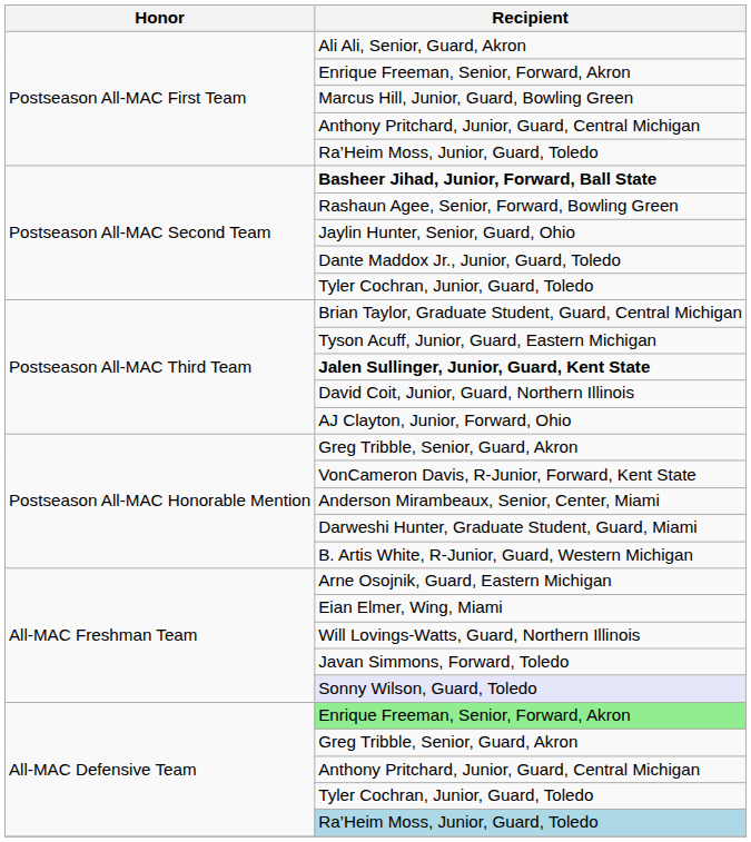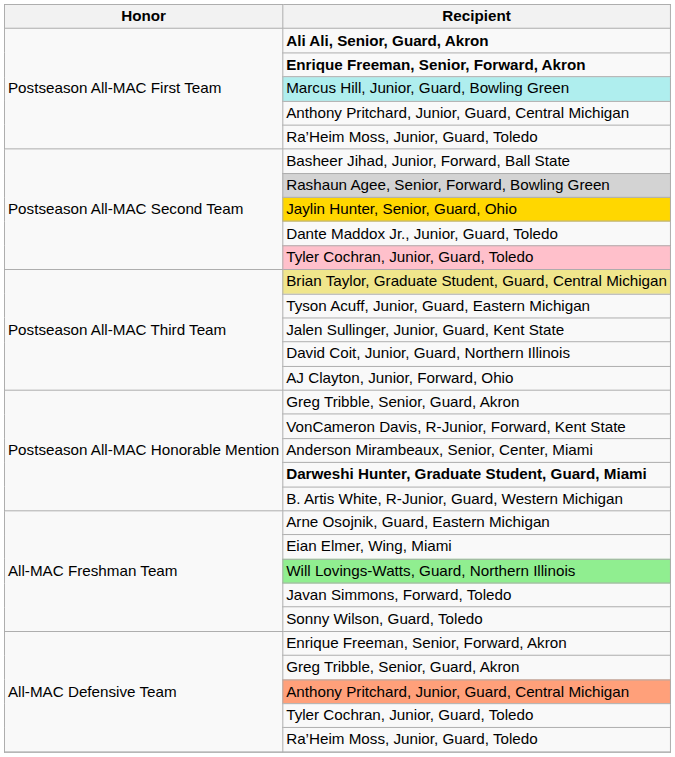 <table class="wikitable" border="1">
 <tr>
 <th>Honor</th>
 <th>Recipient</th>
 </tr>
 <tr>
 <td rowspan=5 valign=middle>Postseason All-MAC First Team</td>
-<td>Ali Ali, Senior, Guard, Akron</td>
+<td><strong>Ali Ali, Senior, Guard, Akron</strong></td>
 </tr>
 <tr>
-<td>Enrique Freeman, Senior, Forward, Akron</td>
+<td><strong>Enrique Freeman, Senior, Forward, Akron</strong></td>
 </tr>
 <tr>
-<td>Marcus Hill, Junior, Guard, Bowling Green</td>
+<td style="background: paleturquoise;">Marcus Hill, Junior, Guard, Bowling Green</td>
 </tr>
 <tr>
 <td>Anthony Pritchard, Junior, Guard, Central Michigan</td>
 </tr>
 <tr>
 <td>Ra’Heim Moss, Junior, Guard, Toledo</td>
 </tr>
 <tr>
 <td rowspan=5 valign=middle>Postseason All-MAC Second Team</td>
-<td><strong>Basheer Jihad, Junior, Forward, Ball State</strong></td>
+<td>Basheer Jihad, Junior, Forward, Ball State</td>
 </tr>
 <tr>
-<td>Rashaun Agee, Senior, Forward, Bowling Green</td>
+<td style="background: lightgrey;">Rashaun Agee, Senior, Forward, Bowling Green</td>
 </tr>
 <tr>
-<td>Jaylin Hunter, Senior, Guard, Ohio</td>
+<td style="background: gold;">Jaylin Hunter, Senior, Guard, Ohio</td>
 </tr>
 <tr>
 <td>Dante Maddox Jr., Junior, Guard, Toledo</td>
 </tr>
 <tr>
-<td>Tyler Cochran, Junior, Guard, Toledo</td>
+<td style="background: pink;">Tyler Cochran, Junior, Guard, Toledo</td>
 </tr>
 <tr>
 <td rowspan=5 valign=middle>Postseason All-MAC Third Team</td>
-<td>Brian Taylor, Graduate Student, Guard, Central Michigan</td>
+<td style="background: khaki;">Brian Taylor, Graduate Student, Guard, Central Michigan</td>
 </tr>
 <tr>
 <td>Tyson Acuff, Junior, Guard, Eastern Michigan</td>
 </tr>
 <tr>
-<td><strong>Jalen Sullinger, Junior, Guard, Kent State</strong></td>
+<td>Jalen Sullinger, Junior, Guard, Kent State</td>
 </tr>
 <tr>
 <td>David Coit, Junior, Guard, Northern Illinois</td>
 </tr>
 <tr>
 <td>AJ Clayton, Junior, Forward, Ohio</td>
 </tr>
 <tr>
 <td rowspan=5 valign=middle>Postseason All-MAC Honorable Mention</td>
 <td>Greg Tribble, Senior, Guard, Akron</td>
 </tr>
 <tr>
 <td>VonCameron Davis, R-Junior, Forward, Kent State</td>
 </tr>
 <tr>
 <td>Anderson Mirambeaux, Senior, Center, Miami</td>
 </tr>
 <tr>
-<td>Darweshi Hunter, Graduate Student, Guard, Miami</td>
+<td><strong>Darweshi Hunter, Graduate Student, Guard, Miami</strong></td>
 </tr>
 <tr>
 <td>B. Artis White, R-Junior, Guard, Western Michigan</td>
 </tr>
 <tr>
 <td rowspan=5 valign=middle>All-MAC Freshman Team</td>
 <td>Arne Osojnik, Guard, Eastern Michigan</td>
 </tr>
 <tr>
 <td>Eian Elmer, Wing, Miami</td>
 </tr>
 <tr>
-<td>Will Lovings-Watts, Guard, Northern Illinois</td>
+<td style="background: lightgreen;">Will Lovings-Watts, Guard, Northern Illinois</td>
 </tr>
 <tr>
 <td>Javan Simmons, Forward, Toledo</td>
 </tr>
 <tr>
-<td style="background: lavender;">Sonny Wilson, Guard, Toledo</td>
+<td>Sonny Wilson, Guard, Toledo</td>
 </tr>
 <tr>
 <td rowspan=5 valign=middle>All-MAC Defensive Team</td>
-<td style="background: lightgreen;">Enrique Freeman, Senior, Forward, Akron</td>
+<td>Enrique Freeman, Senior, Forward, Akron</td>
 </tr>
 <tr>
 <td>Greg Tribble, Senior, Guard, Akron</td>
 </tr>
 <tr>
-<td>Anthony Pritchard, Junior, Guard, Central Michigan</td>
+<td style="background: lightsalmon;">Anthony Pritchard, Junior, Guard, Central Michigan</td>
 </tr>
 <tr>
 <td>Tyler Cochran, Junior, Guard, Toledo</td>
 </tr>
 <tr>
-<td style="background: lightblue;">Ra’Heim Moss, Junior, Guard, Toledo</td>
+<td>Ra’Heim Moss, Junior, Guard, Toledo</td>
 </tr>
 <tr>
 </tr>
 </table>
